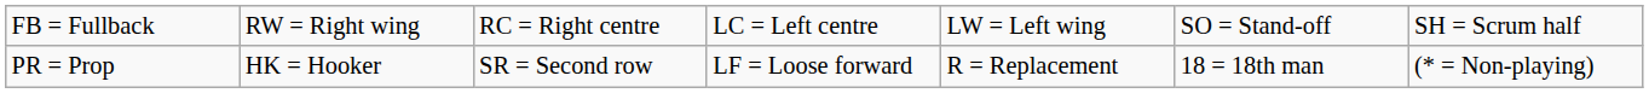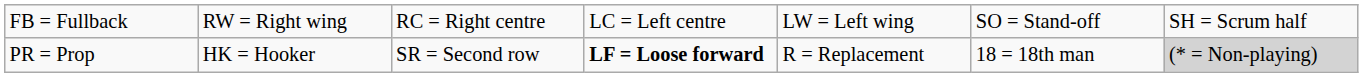 <table class="wikitable" style="font-size:85%;">
 <tr>
 <td style="width:9em;">FB = Fullback</td>
 <td style="width:9em;">RW = Right wing</td>
 <td style="width:9em;">RC = Right centre</td>
 <td style="width:9em;">LC = Left centre</td>
 <td style="width:9em;">LW = Left wing</td>
 <td style="width:9em;">SO = Stand-off</td>
 <td style="width:9em;">SH = Scrum half</td>
 </tr>
 <tr>
 <td>PR = Prop</td>
 <td>HK = Hooker</td>
 <td>SR = Second row</td>
-<td>LF = Loose forward</td>
+<td><strong>LF = Loose forward</strong></td>
 <td>R = Replacement</td>
 <td>18 = 18th man</td>
-<td>(* = Non-playing)</td>
+<td style="background: lightgrey;">(* = Non-playing)</td>
 </tr>
 </table>
